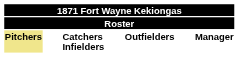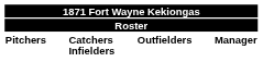 <table class="toccolours" style="font-size: 95%;">
 <tr>
 <th colspan="10" style="background-color: black; color: white; text-align: center;">1871 Fort Wayne Kekiongas</th>
 </tr>
 <tr>
 <td colspan="10" style="background-color:black; color: white; text-align: center;"><strong>Roster</strong></td>
 </tr>
 <tr>
-<td valign="top" style="background: khaki;"><strong>Pitchers</strong><br></td>
+<td valign="top"><strong>Pitchers</strong><br></td>
 <td width="25px"></td>
 <td valign="top"><strong>Catchers</strong><br>   <strong>Infielders</strong>         </td>
 <td width="25px"></td>
 <td valign="top"><strong>Outfielders</strong><br>    </td>
 <td width="25px"></td>
 <td valign="top"><strong>Manager</strong><br> </td>
 </tr>
 </table>
